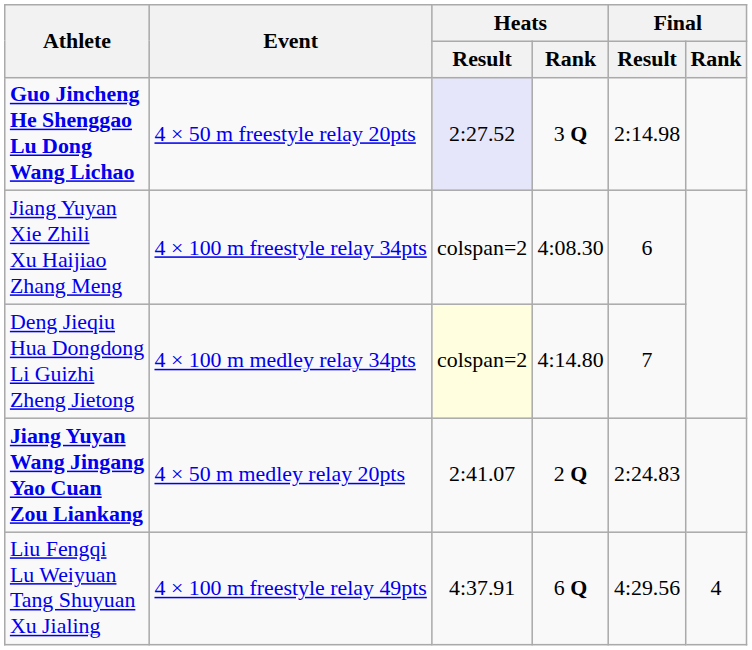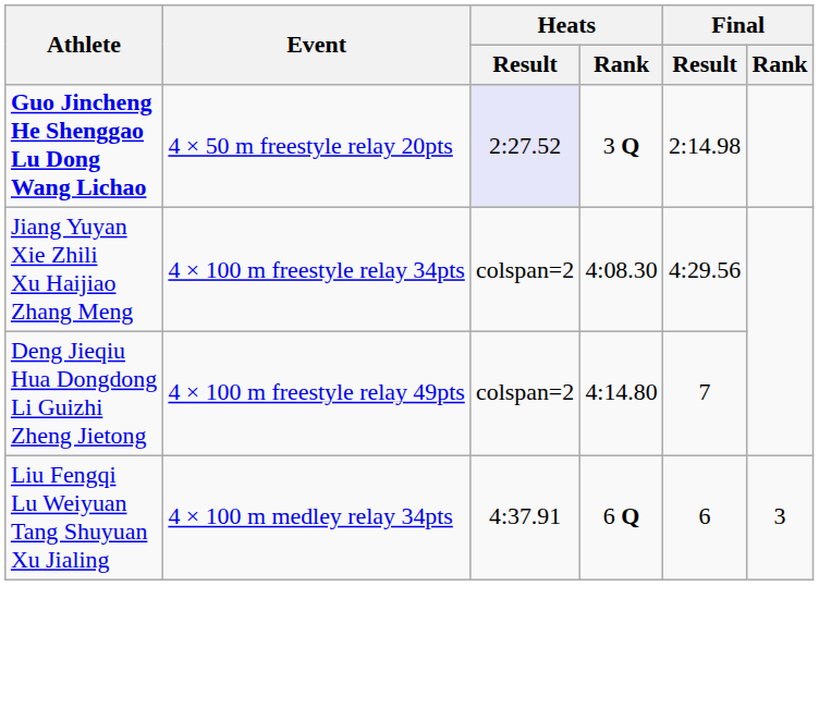 <table class=wikitable style="font-size:90%">
 <tr>
 <th rowspan="2">Athlete</th>
 <th rowspan="2">Event</th>
 <th colspan="2">Heats</th>
 <th colspan="2">Final</th>
 </tr>
 <tr>
 <th>Result</th>
 <th>Rank</th>
 <th>Result</th>
 <th>Rank</th>
 </tr>
 <tr align=center>
 <td align=left><strong><a href='#'>Guo Jincheng</a></strong><br><strong><a href='#'>He Shenggao</a></strong><br><strong><a href='#'>Lu Dong</a></strong><br><strong><a href='#'>Wang Lichao</a></strong></td>
 <td align=left><a href='#'>4 × 50 m freestyle relay 20pts</a></td>
 <td style="background: lavender;">2:27.52</td>
 <td>3 <strong>Q</strong></td>
 <td>2:14.98 <strong></strong><br><strong></strong></td>
 <td></td>
 </tr>
 <tr align=center>
 <td align=left><a href='#'>Jiang Yuyan</a><br><a href='#'>Xie Zhili</a><br><a href='#'>Xu Haijiao</a><br><a href='#'>Zhang Meng</a></td>
 <td align=left><a href='#'>4 × 100 m freestyle relay 34pts</a></td>
 <td>colspan=2 </td>
 <td>4:08.30</td>
-<td>6</td>
+<td>4:29.56</td>
 </tr>
 <tr align=center>
 <td align=left><a href='#'>Deng Jieqiu</a><br><a href='#'>Hua Dongdong</a><br><a href='#'>Li Guizhi</a><br><a href='#'>Zheng Jietong</a></td>
-<td align=left><a href='#'>4 × 100 m medley relay 34pts</a></td>
-<td style="background: lightyellow;">colspan=2 </td>
+<td align=left><a href='#'>4 × 100 m freestyle relay 49pts</a></td>
+<td>colspan=2 </td>
 <td>4:14.80</td>
 <td>7</td>
 </tr>
 <tr align=center>
-<td align=left><strong><a href='#'>Jiang Yuyan</a></strong><br><strong><a href='#'>Wang Jingang</a></strong><br><strong><a href='#'>Yao Cuan</a></strong><br><strong><a href='#'>Zou Liankang</a></strong></td>
-<td align=left><a href='#'>4 × 50 m medley relay 20pts</a></td>
-<td>2:41.07</td>
-<td>2 <strong>Q</strong></td>
-<td>2:24.83 <strong></strong><br><strong></strong></td>
-<td></td>
-</tr>
-<tr align=center>
 <td align=left><a href='#'>Liu Fengqi</a><br><a href='#'>Lu Weiyuan</a><br><a href='#'>Tang Shuyuan</a><br><a href='#'>Xu Jialing</a></td>
-<td align=left><a href='#'>4 × 100 m freestyle relay 49pts</a></td>
+<td align=left><a href='#'>4 × 100 m medley relay 34pts</a></td>
 <td>4:37.91</td>
 <td>6 <strong>Q</strong></td>
-<td>4:29.56</td>
-<td>4</td>
+<td>6</td>
+<td>3</td>
 </tr>
 </table>
